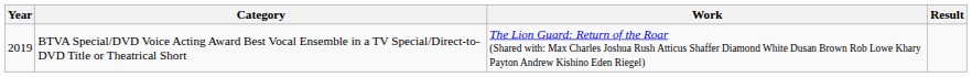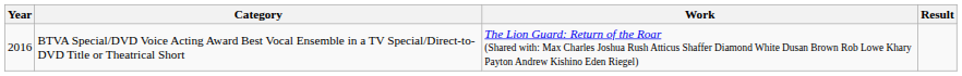 <table class="wikitable">
 <tr>
 <th scope="col">Year</th>
 <th scope="col">Category</th>
 <th scope="col">Work</th>
 <th scope="col">Result</th>
 </tr>
 <tr>
-<td>2019</td>
+<td>2016</td>
 <td>BTVA Special/DVD Voice Acting Award	Best Vocal Ensemble in a TV Special/Direct-to-DVD Title or Theatrical Short</td>
 <td><em><a href='#'>The Lion Guard: Return of the Roar</a></em><br><small>(Shared with: Max Charles  Joshua Rush  Atticus Shaffer  Diamond White  Dusan Brown  Rob Lowe  Khary Payton  Andrew Kishino  Eden Riegel)</small></td>
 <td></td>
 </tr>
 </table>
